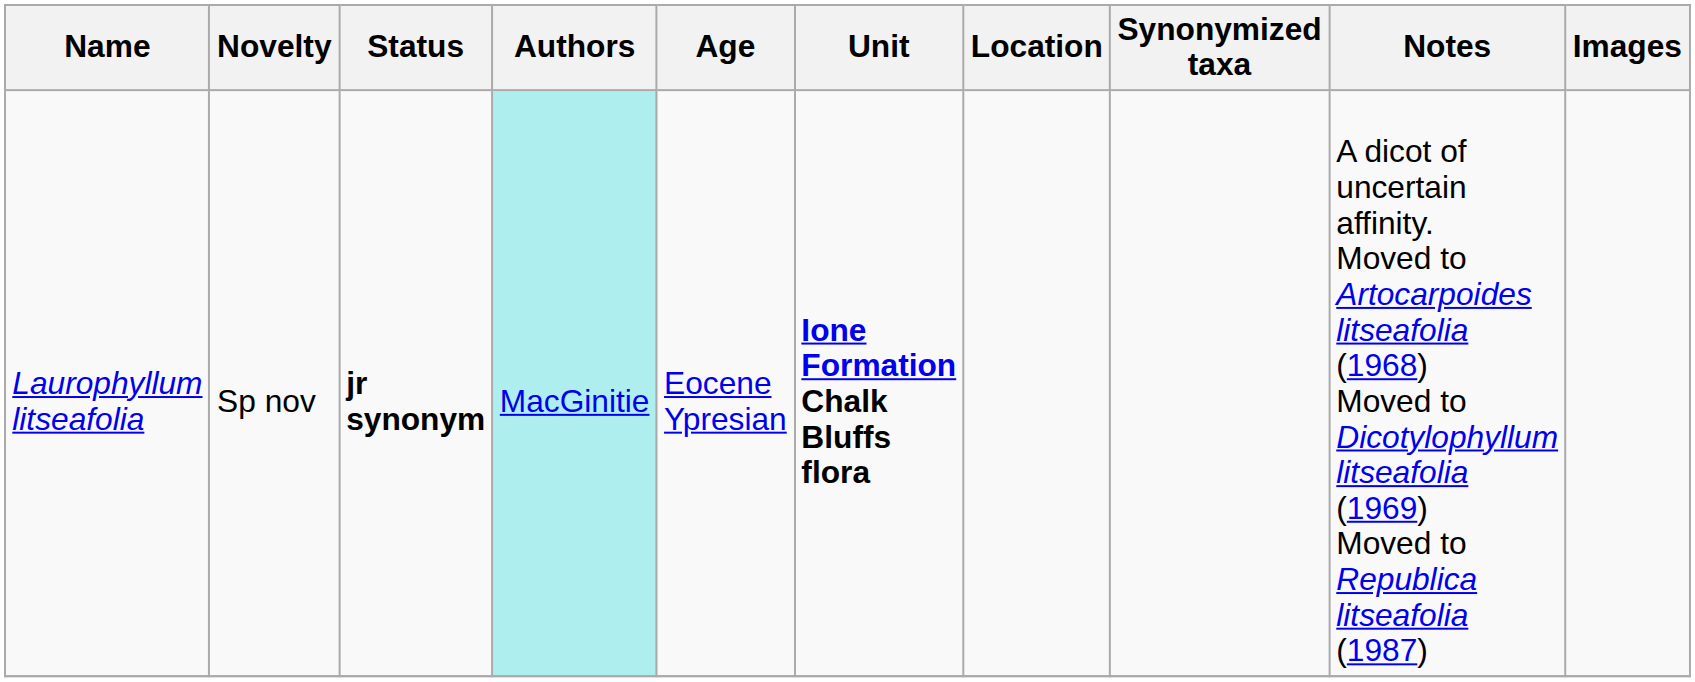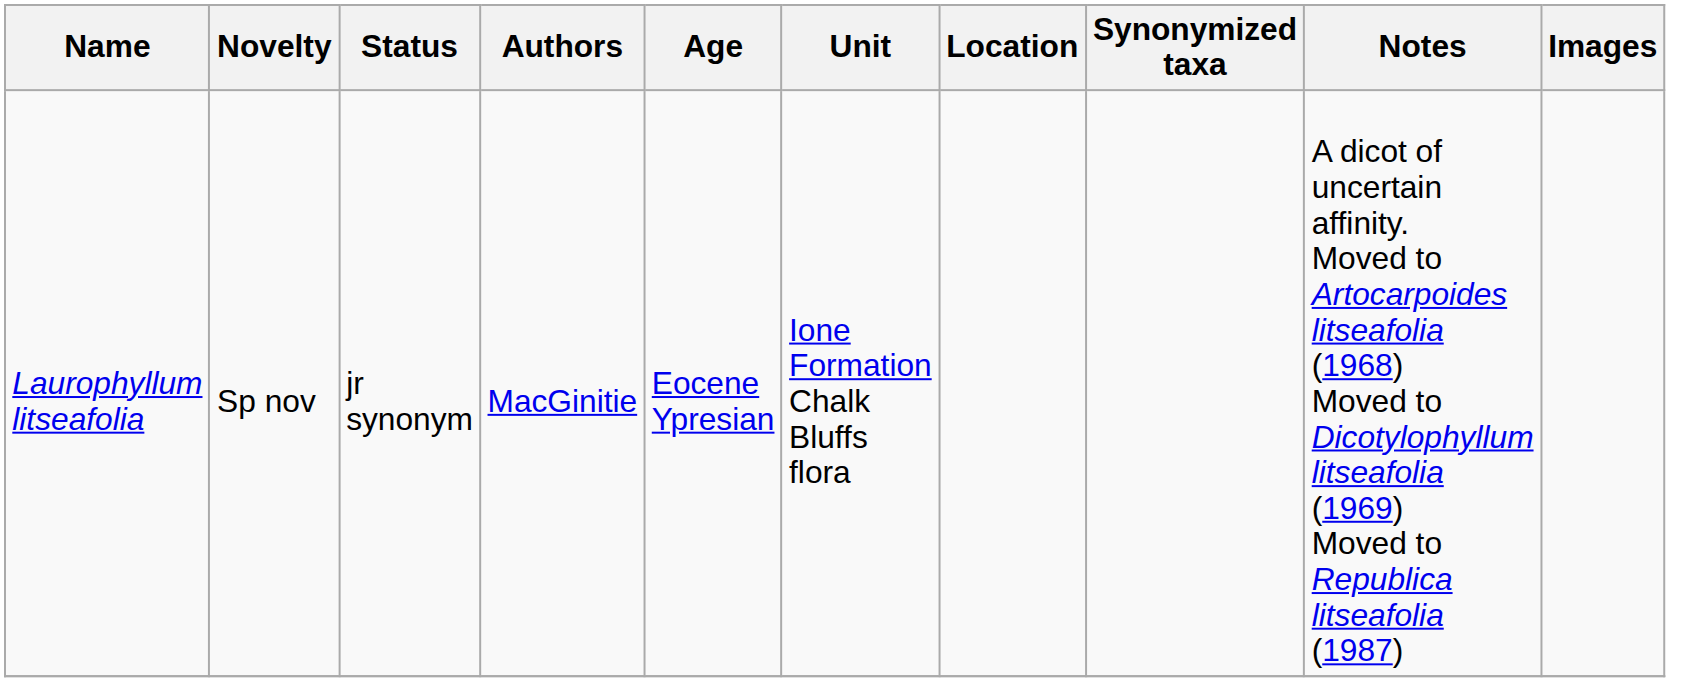 <table class="wikitable sortable" align="center" width="75%">
 <tr>
 <th>Name</th>
 <th>Novelty</th>
 <th>Status</th>
 <th>Authors</th>
 <th>Age</th>
 <th>Unit</th>
 <th>Location</th>
 <th>Synonymized taxa</th>
 <th>Notes</th>
 <th>Images</th>
 </tr>
 <tr>
 <td><br><em><a href='#'>Laurophyllum litseafolia</a></em></td>
 <td><br>Sp nov</td>
-<td><strong><br>jr synonym</strong></td>
-<td style="background: paleturquoise;"><br><a href='#'>MacGinitie</a></td>
+<td><br>jr synonym</td>
+<td><br><a href='#'>MacGinitie</a></td>
 <td><br><a href='#'>Eocene</a><br><a href='#'>Ypresian</a></td>
-<td><strong><br><a href='#'>Ione Formation</a><br>Chalk Bluffs flora</strong></td>
+<td><br><a href='#'>Ione Formation</a><br>Chalk Bluffs flora</td>
 <td><br><br></td>
 <td></td>
 <td><br>A dicot of uncertain affinity.<br> Moved to <em><a href='#'>Artocarpoides litseafolia</a></em> (<a href='#'>1968</a>)<br> Moved to <em><a href='#'>Dicotylophyllum litseafolia</a></em> (<a href='#'>1969</a>)<br> Moved to <em><a href='#'>Republica litseafolia</a></em> (<a href='#'>1987</a>)</td>
 <td><br></td>
 </tr>
 <tr>
 </tr>
 </table>
